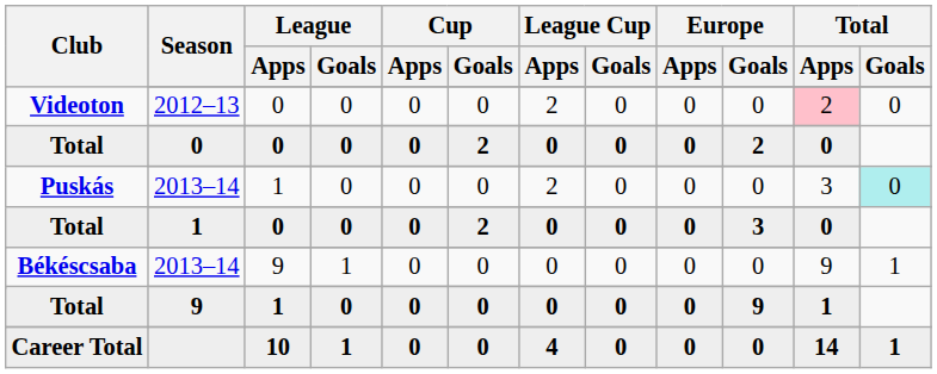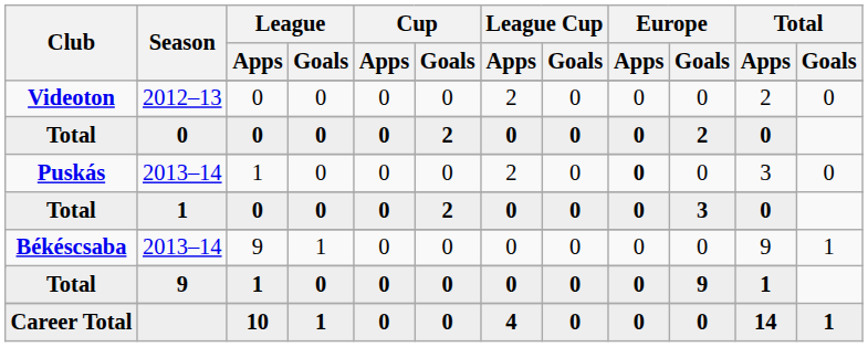 <table class="wikitable" style="font-size:90%; text-align: center;">
 <tr>
 <th rowspan="2">Club</th>
 <th rowspan="2">Season</th>
 <th colspan="2">League</th>
 <th colspan="2">Cup</th>
 <th colspan="2">League Cup</th>
 <th colspan="2">Europe</th>
 <th colspan="2">Total</th>
 </tr>
 <tr>
 <th>Apps</th>
 <th>Goals</th>
 <th>Apps</th>
 <th>Goals</th>
 <th>Apps</th>
 <th>Goals</th>
 <th>Apps</th>
 <th>Goals</th>
 <th>Apps</th>
 <th>Goals</th>
 </tr>
 <tr ||-||-||-|->
 <td rowspan="3" valign="center"><strong><a href='#'>Videoton</a></strong></td>
 </tr>
 <tr>
 <td><a href='#'>2012–13</a></td>
 <td>0</td>
 <td>0</td>
 <td>0</td>
 <td>0</td>
 <td>2</td>
 <td>0</td>
 <td>0</td>
 <td>0</td>
-<td style="background: pink;">2</td>
+<td>2</td>
 <td>0</td>
 </tr>
 <tr>
 </tr>
 <tr style="font-weight:bold; background-color:#eeeeee;">
 <td>Total</td>
 <td>0</td>
 <td>0</td>
 <td>0</td>
 <td>0</td>
 <td>2</td>
 <td>0</td>
 <td>0</td>
 <td>0</td>
 <td>2</td>
 <td>0</td>
 </tr>
 <tr>
 <td rowspan="3" valign="center"><strong><a href='#'>Puskás</a></strong></td>
 </tr>
 <tr>
 <td><a href='#'>2013–14</a></td>
 <td>1</td>
 <td>0</td>
 <td>0</td>
 <td>0</td>
 <td>2</td>
 <td>0</td>
-<td>0</td>
+<td><strong>0</strong></td>
 <td>0</td>
 <td>3</td>
-<td style="background: paleturquoise;">0</td>
+<td>0</td>
 </tr>
 <tr>
 </tr>
 <tr style="font-weight:bold; background-color:#eeeeee;">
 <td>Total</td>
 <td>1</td>
 <td>0</td>
 <td>0</td>
 <td>0</td>
 <td>2</td>
 <td>0</td>
 <td>0</td>
 <td>0</td>
 <td>3</td>
 <td>0</td>
 </tr>
 <tr>
 <td rowspan="3" valign="center"><strong><a href='#'>Békéscsaba</a></strong></td>
 </tr>
 <tr>
 <td><a href='#'>2013–14</a></td>
 <td>9</td>
 <td>1</td>
 <td>0</td>
 <td>0</td>
 <td>0</td>
 <td>0</td>
 <td>0</td>
 <td>0</td>
 <td>9</td>
 <td>1</td>
 </tr>
 <tr>
 </tr>
 <tr style="font-weight:bold; background-color:#eeeeee;">
 <td>Total</td>
 <td>9</td>
 <td>1</td>
 <td>0</td>
 <td>0</td>
 <td>0</td>
 <td>0</td>
 <td>0</td>
 <td>0</td>
 <td>9</td>
 <td>1</td>
 </tr>
 <tr>
 </tr>
 <tr style="font-weight:bold; background-color:#eeeeee;">
 <td rowspan="2" valign="top"><strong>Career Total</strong></td>
 <td></td>
 <td><strong>10</strong></td>
 <td><strong>1</strong></td>
 <td><strong>0</strong></td>
 <td><strong>0</strong></td>
 <td><strong>4</strong></td>
 <td><strong>0</strong></td>
 <td><strong>0</strong></td>
 <td><strong>0</strong></td>
 <td><strong>14</strong></td>
 <td><strong>1</strong></td>
 </tr>
 </table>
